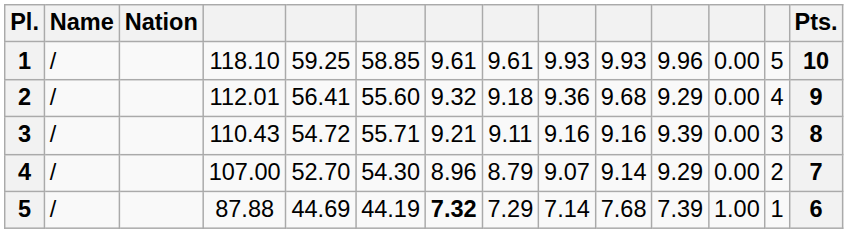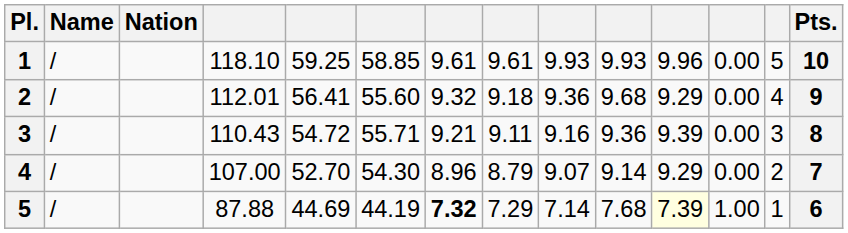 <table class="wikitable sortable" style="text-align:center">
 <tr>
 <th>Pl.</th>
 <th>Name</th>
 <th>Nation</th>
 <th></th>
 <th></th>
 <th></th>
 <th></th>
 <th></th>
 <th></th>
 <th></th>
 <th></th>
 <th></th>
 <th></th>
 <th>Pts.</th>
 </tr>
 <tr>
 <th>1</th>
 <td align=left> / </td>
 <td align=left></td>
 <td>118.10</td>
 <td>59.25</td>
 <td>58.85</td>
 <td>9.61</td>
 <td>9.61</td>
 <td>9.93</td>
 <td>9.93</td>
 <td>9.96</td>
 <td>0.00</td>
 <td>5</td>
 <th>10</th>
 </tr>
 <tr>
 <th>2</th>
 <td align=left> / </td>
 <td align=left></td>
 <td>112.01</td>
 <td>56.41</td>
 <td>55.60</td>
 <td>9.32</td>
 <td>9.18</td>
 <td>9.36</td>
 <td>9.68</td>
 <td>9.29</td>
 <td>0.00</td>
 <td>4</td>
 <th>9</th>
 </tr>
 <tr>
 <th>3</th>
 <td align=left> / </td>
 <td align=left></td>
 <td>110.43</td>
 <td>54.72</td>
 <td>55.71</td>
 <td>9.21</td>
 <td>9.11</td>
 <td>9.16</td>
-<td>9.16</td>
+<td>9.36</td>
 <td>9.39</td>
 <td>0.00</td>
 <td>3</td>
 <th>8</th>
 </tr>
 <tr>
 <th>4</th>
 <td align=left> / </td>
 <td align=left></td>
 <td>107.00</td>
 <td>52.70</td>
 <td>54.30</td>
 <td>8.96</td>
 <td>8.79</td>
 <td>9.07</td>
 <td>9.14</td>
 <td>9.29</td>
 <td>0.00</td>
 <td>2</td>
 <th>7</th>
 </tr>
 <tr>
 <th>5</th>
 <td align=left> / </td>
 <td align=left></td>
 <td>87.88</td>
 <td>44.69</td>
 <td>44.19</td>
 <td><strong>7.32</strong></td>
 <td>7.29</td>
 <td>7.14</td>
 <td>7.68</td>
-<td>7.39</td>
+<td style="background: lightyellow;">7.39</td>
 <td>1.00</td>
 <td>1</td>
 <th>6</th>
 </tr>
 </table>
